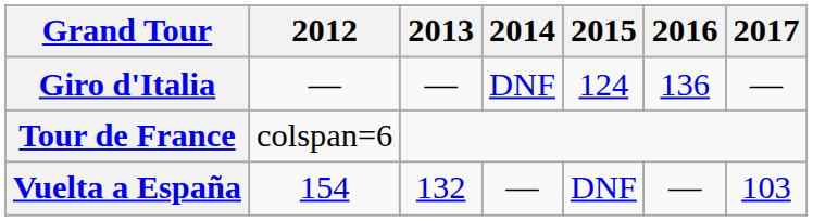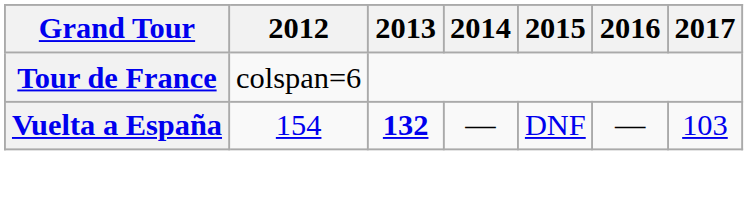 <table class="wikitable plainrowheaders">
 <tr>
 <th scope="col"><a href='#'>Grand Tour</a></th>
 <th scope="col">2012</th>
 <th scope="col">2013</th>
 <th scope="col">2014</th>
 <th scope="col">2015</th>
 <th scope="col">2016</th>
 <th scope="col">2017</th>
 </tr>
 <tr style="text-align:center;">
-<th scope="row"> <a href='#'>Giro d'Italia</a></th>
-<td>—</td>
-<td>—</td>
-<td><a href='#'>DNF</a></td>
-<td><a href='#'>124</a></td>
-<td><a href='#'>136</a></td>
-<td>—</td>
-</tr>
-<tr style="text-align:center;">
 <th scope="row"> <a href='#'>Tour de France</a></th>
 <td>colspan=6 </td>
 </tr>
 <tr style="text-align:center;">
 <th scope="row"> <a href='#'>Vuelta a España</a></th>
 <td><a href='#'>154</a></td>
-<td><a href='#'>132</a></td>
+<td><strong><a href='#'>132</a></strong></td>
 <td>—</td>
 <td><a href='#'>DNF</a></td>
 <td>—</td>
 <td><a href='#'>103</a></td>
 </tr>
 </table>
